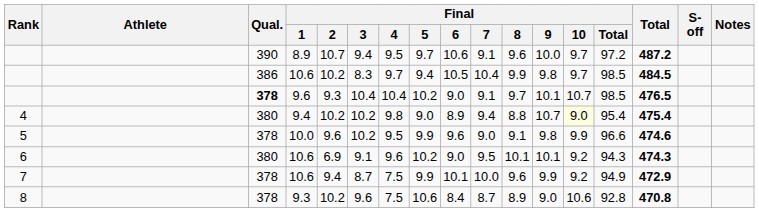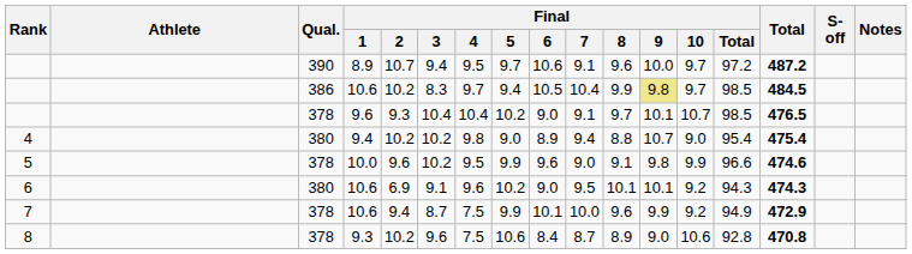 <table class="wikitable" style="text-align:center">
 <tr>
 <th rowspan=2 width=40>Rank</th>
 <th rowspan=2 width=250>Athlete</th>
 <th rowspan=2 width=40>Qual.</th>
 <th colspan=11>Final</th>
 <th rowspan=2 width=50>Total</th>
 <th rowspan=2 width=35>S-off</th>
 <th rowspan=2 width=45>Notes</th>
 </tr>
 <tr>
 <th width=30>1</th>
 <th width=30>2</th>
 <th width=30>3</th>
 <th width=30>4</th>
 <th width=30>5</th>
 <th width=30>6</th>
 <th width=30>7</th>
 <th width=30>8</th>
 <th width=30>9</th>
 <th width=30>10</th>
 <th width=40>Total</th>
 </tr>
 <tr>
 <td></td>
 <td align=left></td>
 <td>390</td>
 <td>8.9</td>
 <td>10.7</td>
 <td>9.4</td>
 <td>9.5</td>
 <td>9.7</td>
 <td>10.6</td>
 <td>9.1</td>
 <td>9.6</td>
 <td>10.0</td>
 <td>9.7</td>
 <td>97.2</td>
 <td><strong>487.2</strong></td>
 <td></td>
 <td></td>
 </tr>
 <tr>
 <td></td>
 <td align=left></td>
 <td>386</td>
 <td>10.6</td>
 <td>10.2</td>
 <td>8.3</td>
 <td>9.7</td>
 <td>9.4</td>
 <td>10.5</td>
 <td>10.4</td>
 <td>9.9</td>
-<td>9.8</td>
+<td style="background: khaki;">9.8</td>
 <td>9.7</td>
 <td>98.5</td>
 <td><strong>484.5</strong></td>
 <td></td>
 <td></td>
 </tr>
 <tr>
 <td></td>
 <td align=left></td>
-<td><strong>378</strong></td>
+<td>378</td>
 <td>9.6</td>
 <td>9.3</td>
 <td>10.4</td>
 <td>10.4</td>
 <td>10.2</td>
 <td>9.0</td>
 <td>9.1</td>
 <td>9.7</td>
 <td>10.1</td>
 <td>10.7</td>
 <td>98.5</td>
 <td><strong>476.5</strong></td>
 <td></td>
 <td></td>
 </tr>
 <tr>
 <td>4</td>
 <td align=left></td>
 <td>380</td>
 <td>9.4</td>
 <td>10.2</td>
 <td>10.2</td>
 <td>9.8</td>
 <td>9.0</td>
 <td>8.9</td>
 <td>9.4</td>
 <td>8.8</td>
 <td>10.7</td>
-<td style="background: lightyellow;">9.0</td>
+<td>9.0</td>
 <td>95.4</td>
 <td><strong>475.4</strong></td>
 <td></td>
 <td></td>
 </tr>
 <tr>
 <td>5</td>
 <td align=left></td>
 <td>378</td>
 <td>10.0</td>
 <td>9.6</td>
 <td>10.2</td>
 <td>9.5</td>
 <td>9.9</td>
 <td>9.6</td>
 <td>9.0</td>
 <td>9.1</td>
 <td>9.8</td>
 <td>9.9</td>
 <td>96.6</td>
 <td><strong>474.6</strong></td>
 <td></td>
 <td></td>
 </tr>
 <tr>
 <td>6</td>
 <td align=left></td>
 <td>380</td>
 <td>10.6</td>
 <td>6.9</td>
 <td>9.1</td>
 <td>9.6</td>
 <td>10.2</td>
 <td>9.0</td>
 <td>9.5</td>
 <td>10.1</td>
 <td>10.1</td>
 <td>9.2</td>
 <td>94.3</td>
 <td><strong>474.3</strong></td>
 <td></td>
 <td></td>
 </tr>
 <tr>
 <td>7</td>
 <td align=left></td>
 <td>378</td>
 <td>10.6</td>
 <td>9.4</td>
 <td>8.7</td>
 <td>7.5</td>
 <td>9.9</td>
 <td>10.1</td>
 <td>10.0</td>
 <td>9.6</td>
 <td>9.9</td>
 <td>9.2</td>
 <td>94.9</td>
 <td><strong>472.9</strong></td>
 <td></td>
 <td></td>
 </tr>
 <tr>
 <td>8</td>
 <td align=left></td>
 <td>378</td>
 <td>9.3</td>
 <td>10.2</td>
 <td>9.6</td>
 <td>7.5</td>
 <td>10.6</td>
 <td>8.4</td>
 <td>8.7</td>
 <td>8.9</td>
 <td>9.0</td>
 <td>10.6</td>
 <td>92.8</td>
 <td><strong>470.8</strong></td>
 <td></td>
 <td></td>
 </tr>
 </table>
